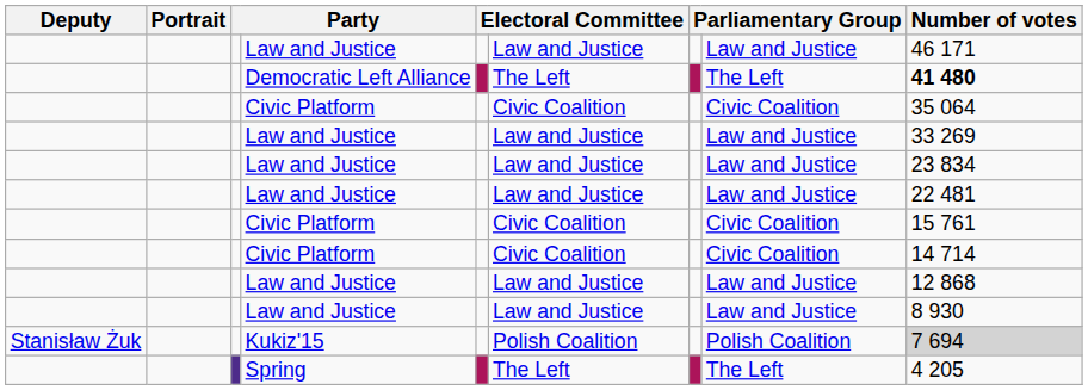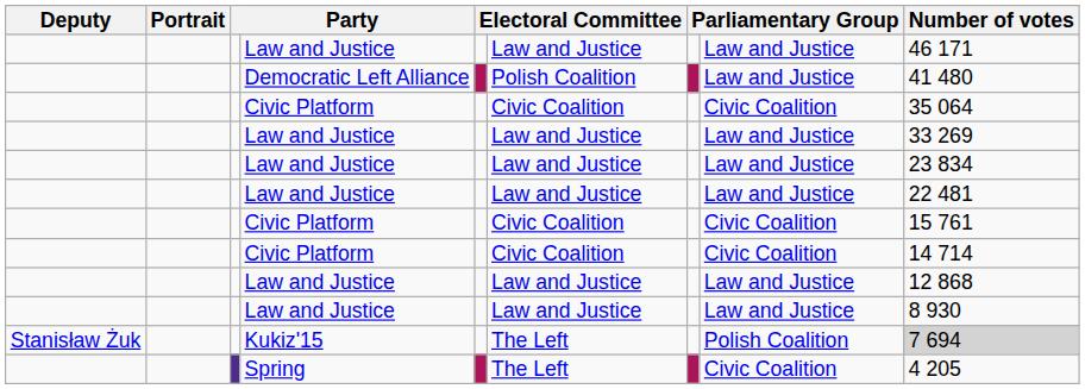 <table class="wikitable sortable" style="font-size:95%;line-height:14px;">
 <tr>
 <th>Deputy</th>
 <th>Portrait</th>
 <th colspan="2">Party</th>
 <th colspan="2">Electoral Committee</th>
 <th colspan="2">Parliamentary Group</th>
 <th>Number of votes</th>
 </tr>
 <tr>
 <td></td>
 <td></td>
 <td style="background:"></td>
 <td><a href='#'>Law and Justice</a></td>
 <td style="background:"></td>
 <td><a href='#'>Law and Justice</a></td>
 <td style="background:"></td>
 <td><a href='#'>Law and Justice</a></td>
 <td>46 171</td>
 </tr>
 <tr>
 <td></td>
 <td></td>
 <td style="background:"></td>
 <td><a href='#'>Democratic Left Alliance</a></td>
 <td style="background:#AC145A;"></td>
-<td><a href='#'>The Left</a></td>
+<td><a href='#'>Polish Coalition</a></td>
 <td style="background:#AC145A;"></td>
-<td><a href='#'>The Left</a></td>
-<td><strong>41 480</strong></td>
+<td><a href='#'>Law and Justice</a></td>
+<td>41 480</td>
 </tr>
 <tr>
 <td></td>
 <td></td>
 <td style="background:"></td>
 <td><a href='#'>Civic Platform</a></td>
 <td style="background:"></td>
 <td><a href='#'>Civic Coalition</a></td>
 <td style="background:"></td>
 <td><a href='#'>Civic Coalition</a></td>
 <td>35 064</td>
 </tr>
 <tr>
 <td></td>
 <td></td>
 <td style="background:"></td>
 <td><a href='#'>Law and Justice</a></td>
 <td style="background:"></td>
 <td><a href='#'>Law and Justice</a></td>
 <td style="background:"></td>
 <td><a href='#'>Law and Justice</a></td>
 <td>33 269</td>
 </tr>
 <tr>
 <td></td>
 <td></td>
 <td style="background:"></td>
 <td><a href='#'>Law and Justice</a></td>
 <td style="background:"></td>
 <td><a href='#'>Law and Justice</a></td>
 <td style="background:"></td>
 <td><a href='#'>Law and Justice</a></td>
 <td>23 834</td>
 </tr>
 <tr>
 <td></td>
 <td></td>
 <td style="background:"></td>
 <td><a href='#'>Law and Justice</a></td>
 <td style="background:"></td>
 <td><a href='#'>Law and Justice</a></td>
 <td style="background:"></td>
 <td><a href='#'>Law and Justice</a></td>
 <td>22 481</td>
 </tr>
 <tr>
 <td></td>
 <td></td>
 <td style="background:"></td>
 <td><a href='#'>Civic Platform</a></td>
 <td style="background:"></td>
 <td><a href='#'>Civic Coalition</a></td>
 <td style="background:"></td>
 <td><a href='#'>Civic Coalition</a></td>
 <td>15 761</td>
 </tr>
 <tr>
 <td></td>
 <td></td>
 <td style="background:"></td>
 <td><a href='#'>Civic Platform</a></td>
 <td style="background:"></td>
 <td><a href='#'>Civic Coalition</a></td>
 <td style="background:"></td>
 <td><a href='#'>Civic Coalition</a></td>
 <td>14 714</td>
 </tr>
 <tr>
 <td></td>
 <td></td>
 <td style="background:"></td>
 <td><a href='#'>Law and Justice</a></td>
 <td style="background:"></td>
 <td><a href='#'>Law and Justice</a></td>
 <td style="background:"></td>
 <td><a href='#'>Law and Justice</a></td>
 <td>12 868</td>
 </tr>
 <tr |>
 <td></td>
 <td></td>
 <td style="background:"></td>
 <td><a href='#'>Law and Justice</a></td>
 <td style="background:"></td>
 <td><a href='#'>Law and Justice</a></td>
 <td style="background:"></td>
 <td><a href='#'>Law and Justice</a></td>
 <td>8 930</td>
 </tr>
 <tr>
 <td><a href='#'>Stanisław Żuk</a></td>
 <td></td>
 <td style="background:"></td>
 <td><a href='#'>Kukiz'15</a></td>
 <td style="background:"></td>
-<td><a href='#'>Polish Coalition</a></td>
+<td><a href='#'>The Left</a></td>
 <td style="background:"></td>
 <td><a href='#'>Polish Coalition</a></td>
 <td style="background: lightgrey;">7 694</td>
 </tr>
 <tr>
 <td></td>
 <td></td>
 <td style="background:#4E2B8A;"></td>
 <td><a href='#'>Spring</a></td>
 <td style="background:#AC145A;"></td>
 <td><a href='#'>The Left</a></td>
 <td style="background:#AC145A;"></td>
-<td><a href='#'>The Left</a></td>
+<td><a href='#'>Civic Coalition</a></td>
 <td>4 205</td>
 </tr>
 </table>
